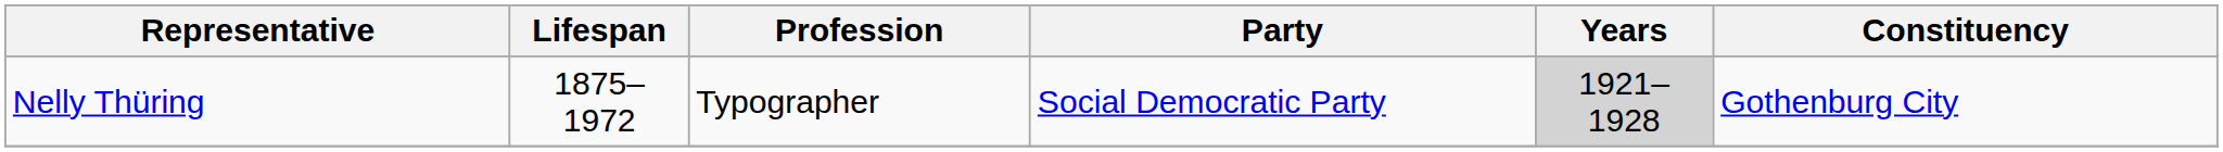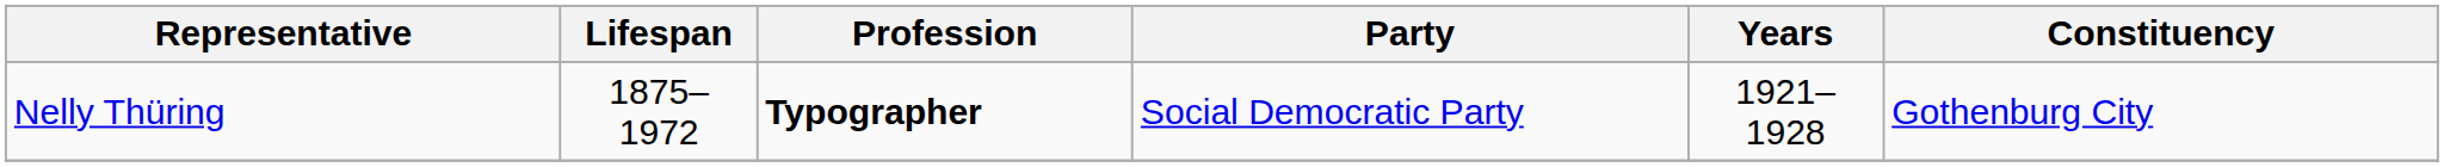 <table class="wikitable">
 <tr>
 <th style="width:15em">Representative</th>
 <th style="width:5em">Lifespan</th>
 <th style="width:10em">Profession</th>
 <th style="width:15em">Party</th>
 <th style="width:5em">Years</th>
 <th style="width:15em">Constituency</th>
 </tr>
 <tr>
 <td><a href='#'>Nelly Thüring</a></td>
 <td align=center>1875–1972</td>
-<td>Typographer</td>
+<td><strong>Typographer</strong></td>
 <td> <a href='#'>Social Democratic Party</a></td>
-<td align=center style="background: lightgrey;">1921–1928</td>
+<td align=center>1921–1928</td>
 <td><a href='#'>Gothenburg City</a></td>
 </tr>
 <tr>
 </tr>
 </table>
